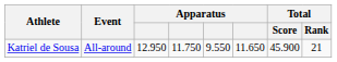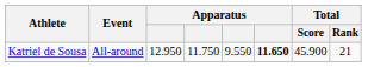 <table class=wikitable style=font-size:90%;text-align:center>
 <tr>
 <th rowspan=2>Athlete</th>
 <th rowspan=2>Event</th>
 <th colspan=4>Apparatus</th>
 <th colspan=2>Total</th>
 </tr>
 <tr style=font-size:95%>
 <th></th>
 <th></th>
 <th></th>
 <th></th>
 <th>Score</th>
 <th>Rank</th>
 </tr>
 <tr>
 <td align=left><a href='#'>Katriel de Sousa</a></td>
 <td align=left rowspan=2><a href='#'>All-around</a></td>
 <td>12.950</td>
 <td>11.750</td>
 <td>9.550</td>
-<td>11.650</td>
+<td><strong>11.650</strong></td>
 <td>45.900</td>
 <td>21</td>
 </tr>
 </table>
